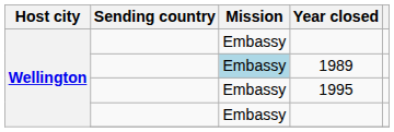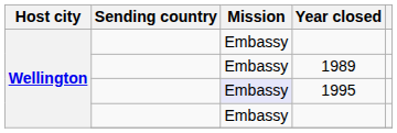 <table class="wikitable plainrowheaders">
 <tr>
 <th scope="col">Host city</th>
 <th scope="col">Sending country</th>
 <th scope="col">Mission</th>
 <th scope="col">Year closed</th>
 <th scope="col"></th>
 </tr>
 <tr>
 <th rowspan="5"><a href='#'>Wellington</a></th>
 <td></td>
 <td style="text-align:center;">Embassy</td>
 <td style="text-align:center;"></td>
 <td style="text-align:center;"></td>
 </tr>
 <tr>
 <td></td>
-<td style="background: lightblue; text-align:center;">Embassy</td>
+<td style="text-align:center;">Embassy</td>
 <td style="text-align:center;">1989</td>
 <td style="text-align:center;"></td>
 </tr>
 <tr>
 <td></td>
-<td style="text-align:center;">Embassy</td>
+<td style="background: lavender; text-align:center;">Embassy</td>
 <td style="text-align:center;">1995</td>
 <td style="text-align:center;"></td>
 </tr>
 <tr>
 <td></td>
 <td style="text-align:center;">Embassy</td>
 <td style="text-align:center;"></td>
 <td style="text-align:center;"></td>
 </tr>
 <tr>
 </tr>
 </table>
